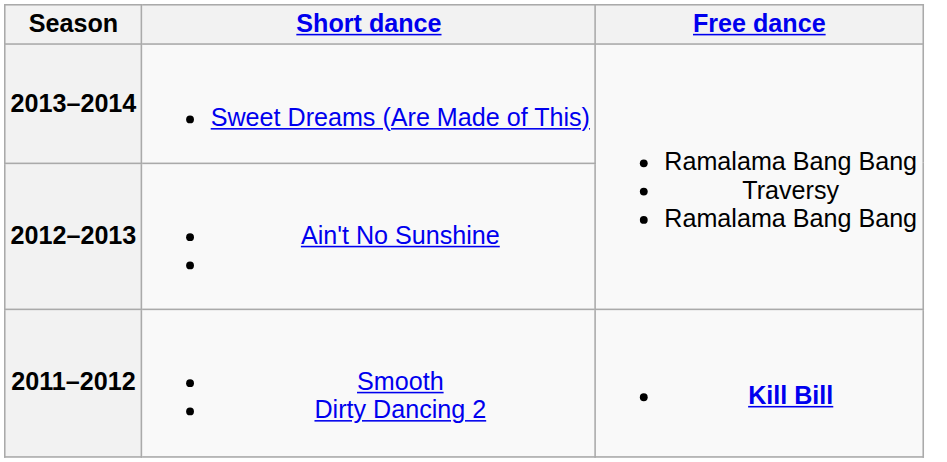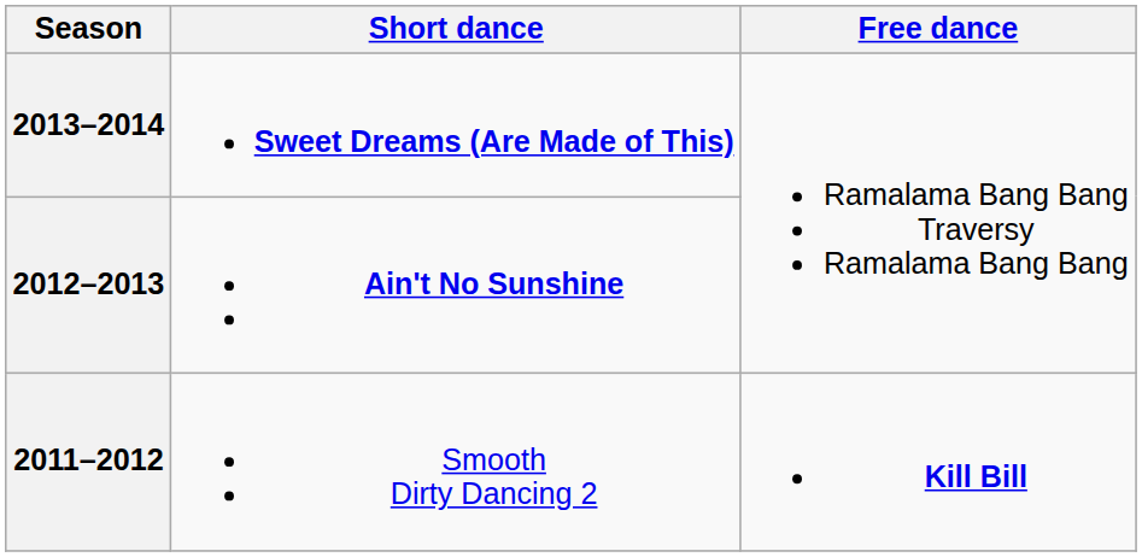 <table class=wikitable style=text-align:center>
 <tr>
 <th>Season</th>
 <th><a href='#'>Short dance</a></th>
 <th><a href='#'>Free dance</a></th>
 </tr>
 <tr>
 <th>2013–2014</th>
-<td><br><ul><li><a href='#'>Sweet Dreams (Are Made of This)</a></li></ul></td>
+<td><strong><br><ul><li><a href='#'>Sweet Dreams (Are Made of This)</a></li></ul></strong></td>
 <td rowspan=2><br><ul><li>Ramalama Bang Bang <br></li><li>Traversy</li><li>Ramalama Bang Bang <br></li></ul></td>
 </tr>
 <tr>
 <th>2012–2013 <br> </th>
-<td><br><ul><li> <a href='#'>Ain't No Sunshine</a></li><li> <br></li></ul></td>
+<td><strong><br><ul><li> <a href='#'>Ain't No Sunshine</a></li><li> <br></li></ul></strong></td>
 </tr>
 <tr>
 <th>2011–2012 <br> </th>
 <td><br><ul><li> <a href='#'>Smooth</a> <br></li><li> <a href='#'>Dirty Dancing 2</a> <br></li></ul></td>
 <td><strong><br><ul><li><a href='#'>Kill Bill</a> <br></li></ul></strong></td>
 </tr>
 </table>
